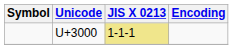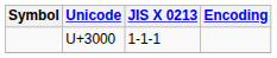 <table class="wikitable">
 <tr>
 <th>Symbol</th>
 <th><a href='#'>Unicode</a></th>
 <th><a href='#'>JIS X 0213</a></th>
 <th><a href='#'>Encoding</a></th>
 </tr>
 <tr>
 <td style="text-align:center;"></td>
 <td>U+3000</td>
-<td style="background: khaki;">1-1-1</td>
+<td>1-1-1</td>
 <td>&#12288;</td>
 </tr>
 <tr>
 </tr>
 </table>
